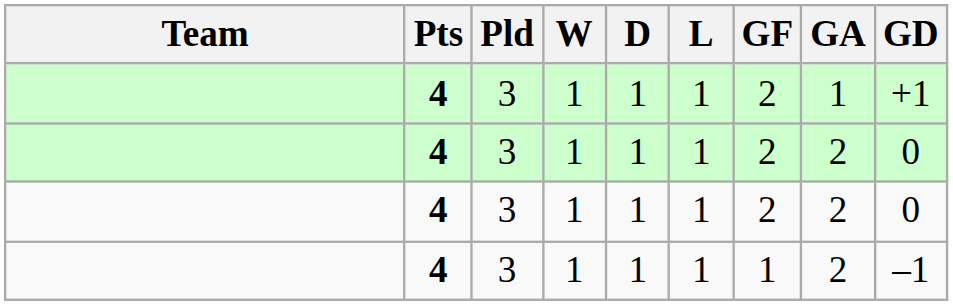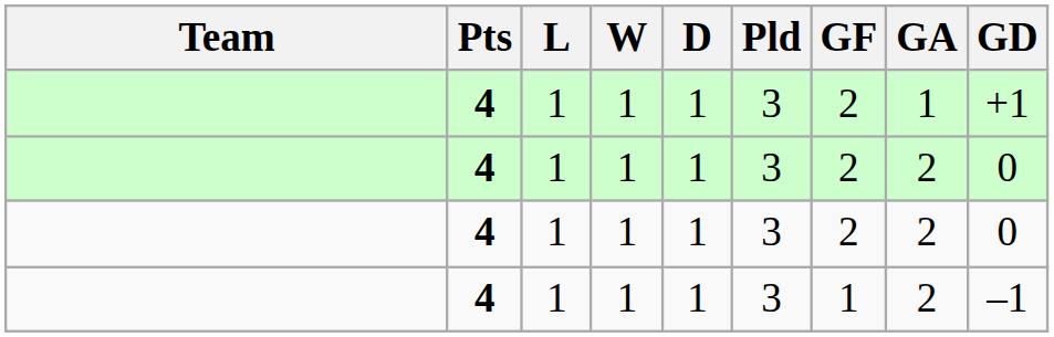 <table class=wikitable style="text-align:center">
 <tr>
 <th width=165>Team</th>
 <th width=20>Pts</th>
-<th width=20>Pld</th>
+<th width=20>L</th>
 <th width=20>W</th>
 <th width=20>D</th>
-<th width=20>L</th>
+<th width=20>Pld</th>
 <th width=20>GF</th>
 <th width=20>GA</th>
 <th width=20>GD</th>
 </tr>
 <tr align=center style="background:#ccffcc;">
 <td style="text-align:left;"></td>
 <td><strong>4</strong></td>
-<td>3</td>
 <td>1</td>
 <td>1</td>
 <td>1</td>
+<td>3</td>
 <td>2</td>
 <td>1</td>
 <td>+1</td>
 </tr>
 <tr align=center style="background:#ccffcc;">
 <td style="text-align:left;"></td>
 <td><strong>4</strong></td>
-<td>3</td>
 <td>1</td>
 <td>1</td>
 <td>1</td>
+<td>3</td>
 <td>2</td>
 <td>2</td>
 <td>0</td>
 </tr>
 <tr align=center>
 <td style="text-align:left;"></td>
 <td><strong>4</strong></td>
-<td>3</td>
 <td>1</td>
 <td>1</td>
 <td>1</td>
+<td>3</td>
 <td>2</td>
 <td>2</td>
 <td>0</td>
 </tr>
 <tr align=center>
 <td style="text-align:left;"></td>
 <td><strong>4</strong></td>
-<td>3</td>
 <td>1</td>
 <td>1</td>
 <td>1</td>
+<td>3</td>
 <td>1</td>
 <td>2</td>
 <td>–1</td>
 </tr>
 </table>
